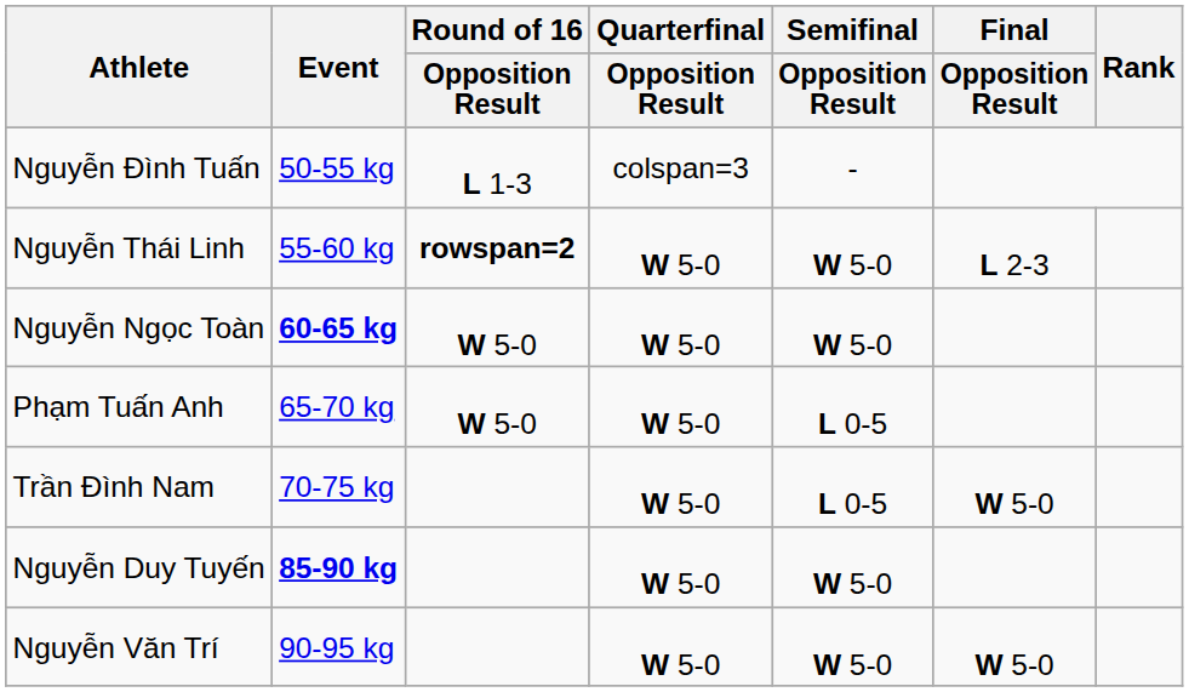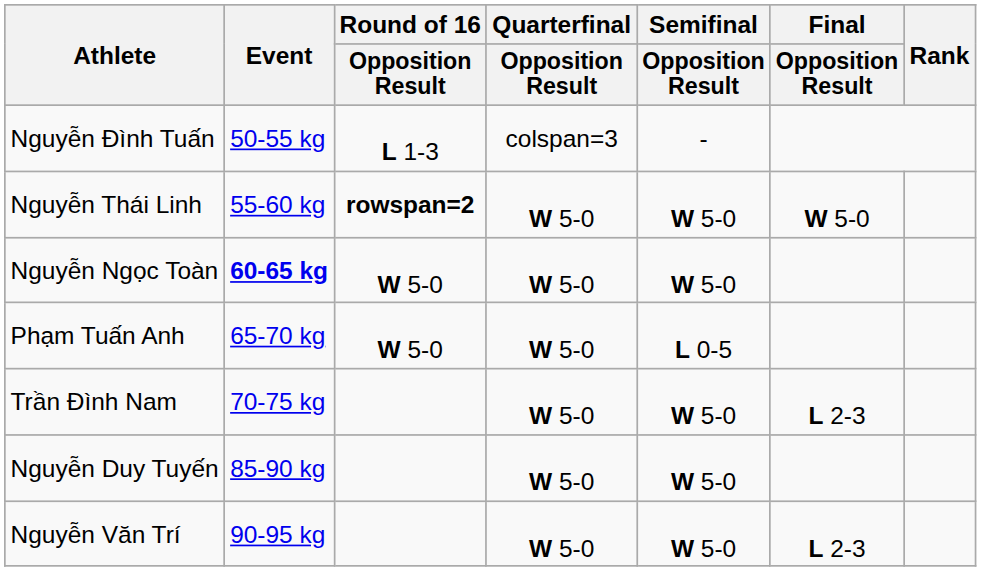 <table class=wikitable style=font-size:90%;text-align:center>
 <tr>
 <th rowspan="2">Athlete</th>
 <th rowspan="2">Event</th>
 <th>Round of 16</th>
 <th>Quarterfinal</th>
 <th>Semifinal</th>
 <th>Final</th>
 <th rowspan="2">Rank</th>
 </tr>
 <tr style="font-size:95%">
 <th>Opposition<br>Result</th>
 <th>Opposition<br>Result</th>
 <th>Opposition<br>Result</th>
 <th>Opposition<br>Result</th>
 </tr>
 <tr>
 <td align=left>Nguyễn Đình Tuấn</td>
 <td align=left><a href='#'>50-55 kg</a></td>
 <td><br><strong>L</strong> 1-3</td>
 <td>colspan=3</td>
 <td>-</td>
 </tr>
 <tr>
 <td align=left>Nguyễn Thái Linh</td>
 <td align=left><a href='#'>55-60 kg</a></td>
 <td><strong>rowspan=2</strong></td>
 <td><br><strong>W</strong> 5-0</td>
 <td><br><strong>W</strong> 5-0</td>
-<td><br><strong>L</strong> 2-3</td>
+<td><br><strong>W</strong> 5-0</td>
 <td></td>
 </tr>
 <tr>
 <td align=left>Nguyễn Ngọc Toàn</td>
 <td align=left><strong><a href='#'>60-65 kg</a></strong></td>
 <td><br><strong>W</strong> 5-0</td>
 <td><br><strong>W</strong> 5-0</td>
 <td><br><strong>W</strong> 5-0</td>
 <td></td>
 </tr>
 <tr>
 <td align=left>Phạm Tuấn Anh</td>
 <td align=left><a href='#'>65-70 kg</a></td>
 <td><br><strong>W</strong> 5-0</td>
 <td><br><strong>W</strong> 5-0</td>
 <td><br><strong>L</strong> 0-5</td>
 <td></td>
 <td></td>
 </tr>
 <tr>
 <td align=left>Trần Đình Nam</td>
 <td align=left><a href='#'>70-75 kg</a></td>
 <td></td>
 <td><br><strong>W</strong> 5-0</td>
-<td><br><strong>L</strong> 0-5</td>
 <td><br><strong>W</strong> 5-0</td>
+<td><br><strong>L</strong> 2-3</td>
 <td></td>
 </tr>
 <tr>
 <td align=left>Nguyễn Duy Tuyến</td>
-<td align=left><strong><a href='#'>85-90 kg</a></strong></td>
+<td align=left><a href='#'>85-90 kg</a></td>
 <td></td>
 <td><br><strong>W</strong> 5-0</td>
 <td><br><strong>W</strong> 5-0</td>
 <td></td>
 <td></td>
 </tr>
 <tr>
 <td align=left>Nguyễn Văn Trí</td>
 <td align=left><a href='#'>90-95 kg</a></td>
 <td></td>
 <td><br><strong>W</strong> 5-0</td>
 <td><br><strong>W</strong> 5-0</td>
-<td><br><strong>W</strong> 5-0</td>
+<td><br><strong>L</strong> 2-3</td>
 <td></td>
 </tr>
 </table>
